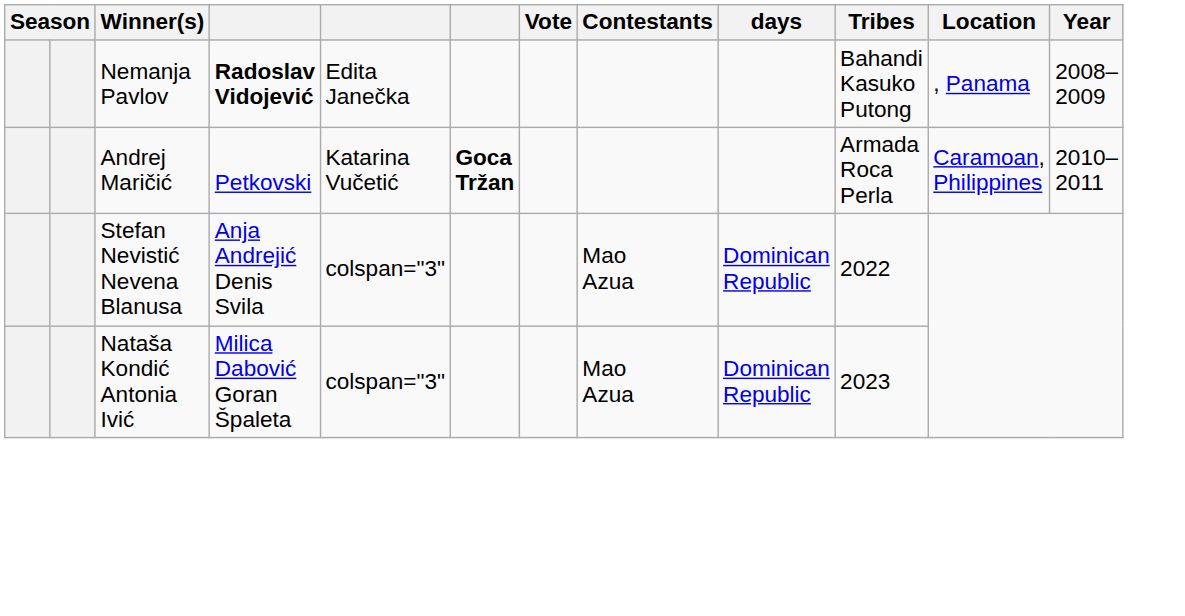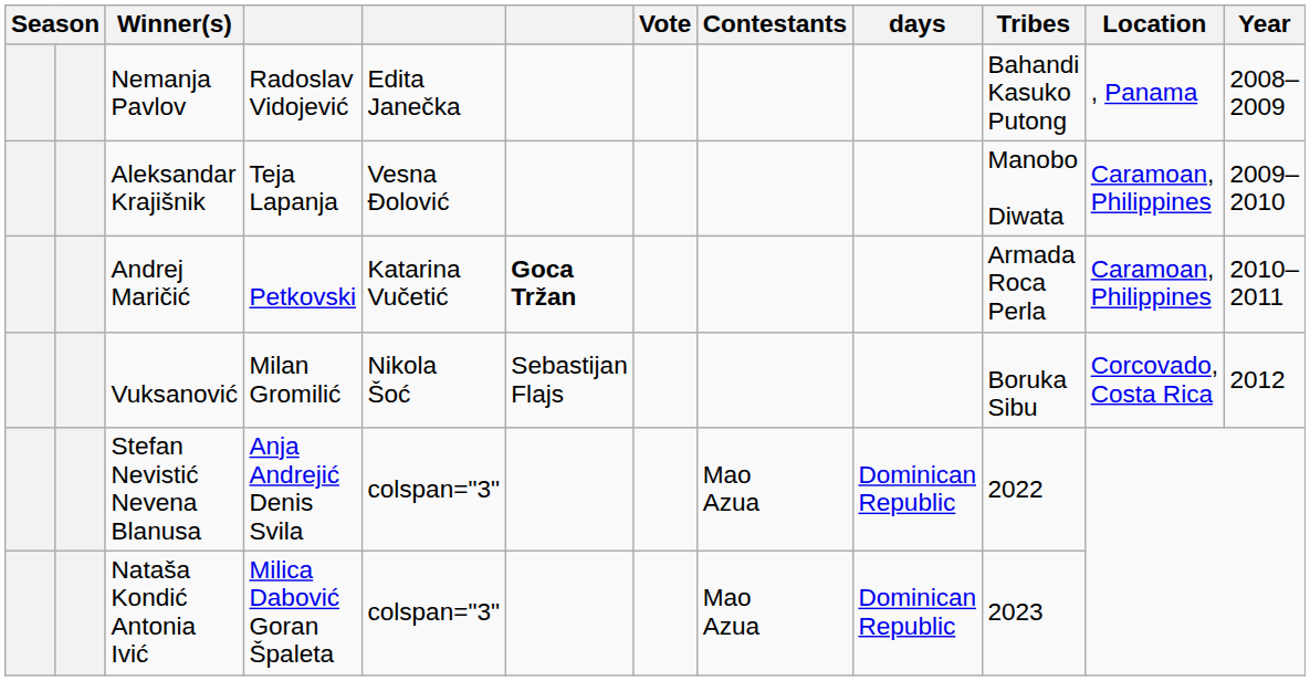 <table class="wikitable">
 <tr>
 <th bgcolor="DEDDE2" colspan="2">Season</th>
 <th bgcolor="DEDDE2">Winner(s)</th>
 <th bgcolor="DEDDE2"></th>
 <th bgcolor="DEDDE2"></th>
 <th bgcolor="DEDDE2"></th>
 <th bgcolor="DEDDE2">Vote</th>
 <th bgcolor="DEDDE2">Contestants</th>
 <th bgcolor="DEDDE2"> days</th>
 <th bgcolor="DEDDE2">Tribes</th>
 <th bgcolor="DEDDE2">Location</th>
 <th bgcolor="DEDDE2">Year</th>
 </tr>
 <tr>
 <th></th>
 <th></th>
 <td>Nemanja<br>Pavlov</td>
-<td><strong>Radoslav<br>Vidojević</strong></td>
+<td>Radoslav<br>Vidojević</td>
 <td>Edita<br>Janečka</td>
 <td></td>
 <td></td>
 <td></td>
 <td></td>
 <td> Bahandi<br> Kasuko<br> Putong</td>
 <td>, <a href='#'>Panama</a></td>
 <td>2008–2009</td>
+</tr>
+<tr>
+<th></th>
+<th></th>
+<td>Aleksandar<br>Krajišnik</td>
+<td>Teja<br>Lapanja</td>
+<td>Vesna<br>Đolović</td>
+<td></td>
+<td></td>
+<td></td>
+<td></td>
+<td> Manobo<br><br> Diwata</td>
+<td><a href='#'>Caramoan</a>, <a href='#'>Philippines</a></td>
+<td>2009–2010</td>
 </tr>
 <tr>
 <th></th>
 <th></th>
 <td>Andrej<br>Maričić</td>
 <td><a href='#'><br>Petkovski</a></td>
 <td>Katarina<br>Vučetić</td>
 <td><strong>Goca<br>Tržan</strong></td>
 <td></td>
 <td></td>
 <td></td>
 <td> Armada<br> Roca<br> Perla</td>
 <td><a href='#'>Caramoan</a>, <a href='#'>Philippines</a></td>
 <td>2010–2011</td>
+</tr>
+<tr>
+<th></th>
+<th></th>
+<td><br>Vuksanović</td>
+<td>Milan<br>Gromilić</td>
+<td>Nikola<br>Šoć</td>
+<td>Sebastijan<br>Flajs</td>
+<td></td>
+<td></td>
+<td></td>
+<td><br> Boruka<br> Sibu</td>
+<td><a href='#'>Corcovado</a>, <a href='#'>Costa Rica</a></td>
+<td>2012</td>
 </tr>
 <tr>
 <th></th>
 <th></th>
 <td>Stefan Nevistić<br>Nevena Blanusa</td>
 <td><a href='#'>Anja Andrejić</a><br> Denis Svila</td>
 <td>colspan="3" </td>
 <td></td>
 <td></td>
 <td> Mao<br> Azua</td>
 <td><a href='#'>Dominican Republic</a></td>
 <td>2022</td>
 </tr>
 <tr>
 <th></th>
 <th></th>
 <td>Nataša Kondić<br>Antonia Ivić</td>
 <td><a href='#'>Milica Dabović</a><br>Goran Špaleta</td>
 <td>colspan="3" </td>
 <td></td>
 <td></td>
 <td> Mao<br> Azua</td>
 <td><a href='#'>Dominican Republic</a></td>
 <td>2023</td>
 </tr>
 </table>
